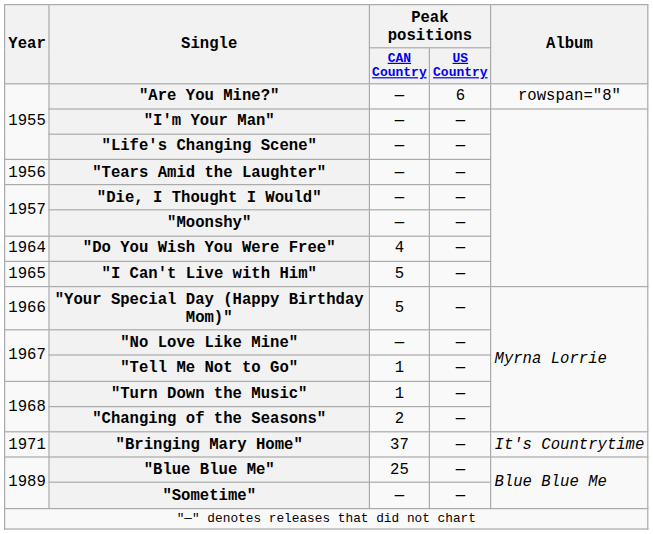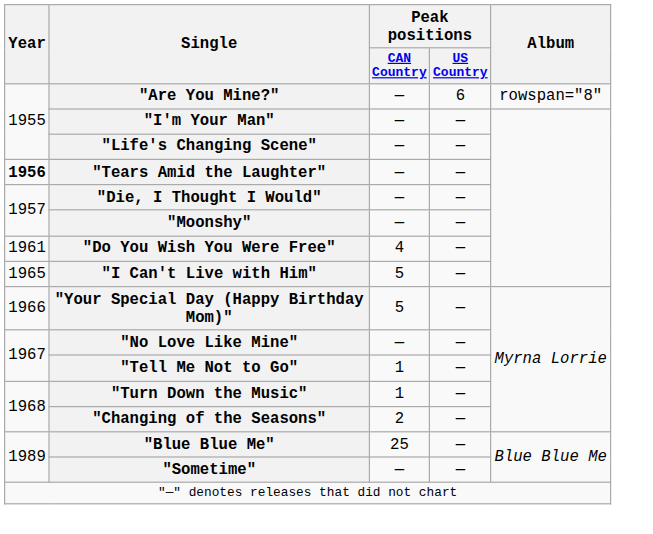 <table class="wikitable plainrowheaders" style="text-align:center;">
 <tr>
 <th rowspan="2">Year</th>
 <th rowspan="2" style="width:20em;">Single</th>
 <th colspan="2">Peak positions</th>
 <th rowspan="2">Album</th>
 </tr>
 <tr style="font-size:smaller;">
 <th width="45"><a href='#'>CAN Country</a><br></th>
 <th width="45"><a href='#'>US Country</a><br></th>
 </tr>
 <tr>
 <td rowspan="3">1955</td>
 <th scope="row">"Are You Mine?" </th>
 <td>—</td>
 <td>6</td>
 <td>rowspan="8" </td>
 </tr>
 <tr>
 <th scope="row">"I'm Your Man" </th>
 <td>—</td>
 <td>—</td>
 </tr>
 <tr>
 <th scope="row">"Life's Changing Scene"</th>
 <td>—</td>
 <td>—</td>
 </tr>
 <tr>
-<td>1956</td>
+<td><strong>1956</strong></td>
 <th scope="row">"Tears Amid the Laughter"</th>
 <td>—</td>
 <td>—</td>
 </tr>
 <tr>
 <td rowspan="2">1957</td>
 <th scope="row">"Die, I Thought I Would"</th>
 <td>—</td>
 <td>—</td>
 </tr>
 <tr>
 <th scope="row">"Moonshy"</th>
 <td>—</td>
 <td>—</td>
 </tr>
 <tr>
-<td>1964</td>
+<td>1961</td>
 <th scope="row">"Do You Wish You Were Free"</th>
 <td>4</td>
 <td>—</td>
 </tr>
 <tr>
 <td>1965</td>
 <th scope="row">"I Can't Live with Him"</th>
 <td>5</td>
 <td>—</td>
 </tr>
 <tr>
 <td>1966</td>
 <th scope="row">"Your Special Day (Happy Birthday Mom)"</th>
 <td>5</td>
 <td>—</td>
 <td rowspan="5" align="left"><em>Myrna Lorrie</em></td>
 </tr>
 <tr>
 <td rowspan="2">1967</td>
 <th scope="row">"No Love Like Mine"</th>
 <td>—</td>
 <td>—</td>
 </tr>
 <tr>
 <th scope="row">"Tell Me Not to Go"</th>
 <td>1</td>
 <td>—</td>
 </tr>
 <tr>
 <td rowspan="2">1968</td>
 <th scope="row">"Turn Down the Music"</th>
 <td>1</td>
 <td>—</td>
 </tr>
 <tr>
 <th scope="row">"Changing of the Seasons"</th>
 <td>2</td>
 <td>—</td>
 </tr>
 <tr>
-<td>1971</td>
-<th scope="row">"Bringing Mary Home"</th>
-<td>37</td>
-<td>—</td>
-<td align="left"><em>It's Countrytime</em></td>
-</tr>
-<tr>
 <td rowspan="2">1989</td>
 <th scope="row">"Blue Blue Me"</th>
 <td>25</td>
 <td>—</td>
 <td rowspan="2" align="left"><em>Blue Blue Me</em></td>
 </tr>
 <tr>
 <th scope="row">"Sometime"</th>
 <td>—</td>
 <td>—</td>
 </tr>
 <tr>
 <td colspan="5" style="font-size:8pt">"—" denotes releases that did not chart</td>
 </tr>
 </table>
